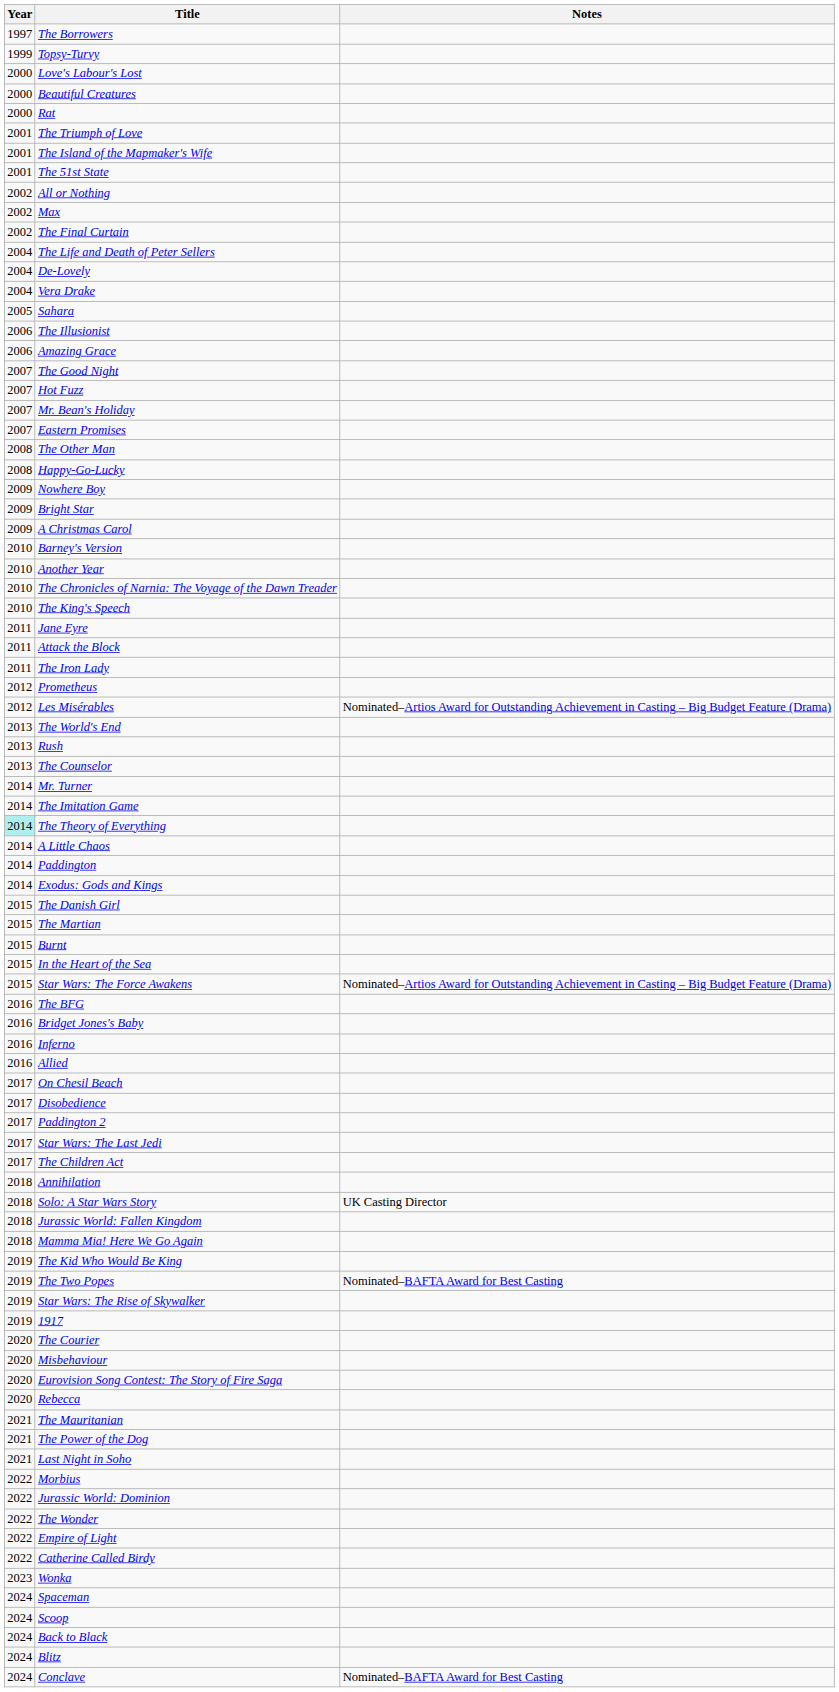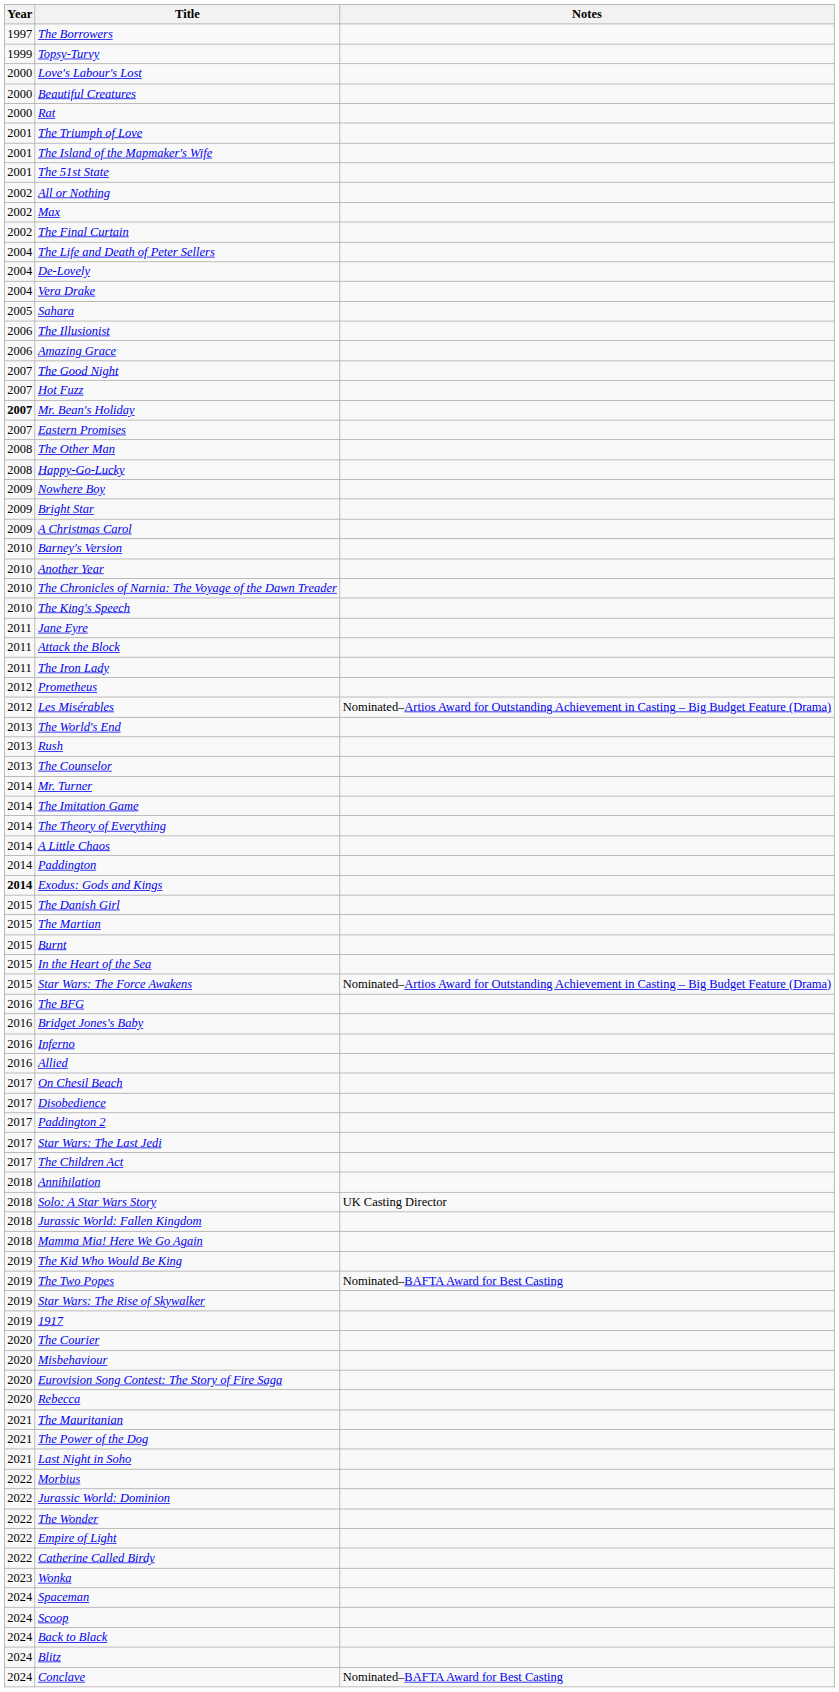 <table class="wikitable">
 <tr>
 <th>Year</th>
 <th>Title</th>
 <th>Notes</th>
 </tr>
 <tr>
 <td>1997</td>
 <td><em><a href='#'>The Borrowers</a></em></td>
 <td></td>
 </tr>
 <tr>
 <td>1999</td>
 <td><em><a href='#'>Topsy-Turvy</a></em></td>
 <td></td>
 </tr>
 <tr>
 <td>2000</td>
 <td><em><a href='#'>Love's Labour's Lost</a></em></td>
 <td></td>
 </tr>
 <tr>
 <td>2000</td>
 <td><em><a href='#'>Beautiful Creatures</a></em></td>
 <td></td>
 </tr>
 <tr>
 <td>2000</td>
 <td><em><a href='#'>Rat</a></em></td>
 <td></td>
 </tr>
 <tr>
 <td>2001</td>
 <td><em><a href='#'>The Triumph of Love</a></em></td>
 <td></td>
 </tr>
 <tr>
 <td>2001</td>
 <td><em><a href='#'>The Island of the Mapmaker's Wife</a></em></td>
 <td></td>
 </tr>
 <tr>
 <td>2001</td>
 <td><em><a href='#'>The 51st State</a></em></td>
 <td></td>
 </tr>
 <tr>
 <td>2002</td>
 <td><em><a href='#'>All or Nothing</a></em></td>
 <td></td>
 </tr>
 <tr>
 <td>2002</td>
 <td><em><a href='#'>Max</a></em></td>
 <td></td>
 </tr>
 <tr>
 <td>2002</td>
 <td><em><a href='#'>The Final Curtain</a></em></td>
 <td></td>
 </tr>
 <tr>
 <td>2004</td>
 <td><em><a href='#'>The Life and Death of Peter Sellers</a></em></td>
 <td></td>
 </tr>
 <tr>
 <td>2004</td>
 <td><em><a href='#'>De-Lovely</a></em></td>
 <td></td>
 </tr>
 <tr>
 <td>2004</td>
 <td><em><a href='#'>Vera Drake</a></em></td>
 <td></td>
 </tr>
 <tr>
 <td>2005</td>
 <td><em><a href='#'>Sahara</a></em></td>
 <td></td>
 </tr>
 <tr>
 <td>2006</td>
 <td><em><a href='#'>The Illusionist</a></em></td>
 <td></td>
 </tr>
 <tr>
 <td>2006</td>
 <td><em><a href='#'>Amazing Grace</a></em></td>
 <td></td>
 </tr>
 <tr>
 <td>2007</td>
 <td><em><a href='#'>The Good Night</a></em></td>
 <td></td>
 </tr>
 <tr>
 <td>2007</td>
 <td><em><a href='#'>Hot Fuzz</a></em></td>
 <td></td>
 </tr>
 <tr>
-<td>2007</td>
+<td><strong>2007</strong></td>
 <td><em><a href='#'>Mr. Bean's Holiday</a></em></td>
 <td></td>
 </tr>
 <tr>
 <td>2007</td>
 <td><em><a href='#'>Eastern Promises</a></em></td>
 <td></td>
 </tr>
 <tr>
 <td>2008</td>
 <td><em><a href='#'>The Other Man</a></em></td>
 <td></td>
 </tr>
 <tr>
 <td>2008</td>
 <td><em><a href='#'>Happy-Go-Lucky</a></em></td>
 <td></td>
 </tr>
 <tr>
 <td>2009</td>
 <td><em><a href='#'>Nowhere Boy</a></em></td>
 <td></td>
 </tr>
 <tr>
 <td>2009</td>
 <td><em><a href='#'>Bright Star</a></em></td>
 <td></td>
 </tr>
 <tr>
 <td>2009</td>
 <td><em><a href='#'>A Christmas Carol</a></em></td>
 <td></td>
 </tr>
 <tr>
 <td>2010</td>
 <td><em><a href='#'>Barney's Version</a></em></td>
 <td></td>
 </tr>
 <tr>
 <td>2010</td>
 <td><em><a href='#'>Another Year</a></em></td>
 <td></td>
 </tr>
 <tr>
 <td>2010</td>
 <td><em><a href='#'>The Chronicles of Narnia: The Voyage of the Dawn Treader</a></em></td>
 <td></td>
 </tr>
 <tr>
 <td>2010</td>
 <td><em><a href='#'>The King's Speech</a></em></td>
 <td></td>
 </tr>
 <tr>
 <td>2011</td>
 <td><em><a href='#'>Jane Eyre</a></em></td>
 <td></td>
 </tr>
 <tr>
 <td>2011</td>
 <td><em><a href='#'>Attack the Block</a></em></td>
 <td></td>
 </tr>
 <tr>
 <td>2011</td>
 <td><em><a href='#'>The Iron Lady</a></em></td>
 <td></td>
 </tr>
 <tr>
 <td>2012</td>
 <td><em><a href='#'>Prometheus</a></em></td>
 <td></td>
 </tr>
 <tr>
 <td>2012</td>
 <td><em><a href='#'>Les Misérables</a></em></td>
 <td>Nominated–<a href='#'>Artios Award for Outstanding Achievement in Casting – Big Budget Feature (Drama)</a></td>
 </tr>
 <tr>
 <td>2013</td>
 <td><em><a href='#'>The World's End</a></em></td>
 <td></td>
 </tr>
 <tr>
 <td>2013</td>
 <td><em><a href='#'>Rush</a></em></td>
 <td></td>
 </tr>
 <tr>
 <td>2013</td>
 <td><em><a href='#'>The Counselor</a></em></td>
 <td></td>
 </tr>
 <tr>
 <td>2014</td>
 <td><em><a href='#'>Mr. Turner</a></em></td>
 <td></td>
 </tr>
 <tr>
 <td>2014</td>
 <td><em><a href='#'>The Imitation Game</a></em></td>
 <td></td>
 </tr>
 <tr>
-<td style="background: paleturquoise;">2014</td>
+<td>2014</td>
 <td><em><a href='#'>The Theory of Everything</a></em></td>
 <td></td>
 </tr>
 <tr>
 <td>2014</td>
 <td><em><a href='#'>A Little Chaos</a></em></td>
 <td></td>
 </tr>
 <tr>
 <td>2014</td>
 <td><em><a href='#'>Paddington</a></em></td>
 <td></td>
 </tr>
 <tr>
-<td>2014</td>
+<td><strong>2014</strong></td>
 <td><em><a href='#'>Exodus: Gods and Kings</a></em></td>
 <td></td>
 </tr>
 <tr>
 <td>2015</td>
 <td><em><a href='#'>The Danish Girl</a></em></td>
 <td></td>
 </tr>
 <tr>
 <td>2015</td>
 <td><em><a href='#'>The Martian</a></em></td>
 <td></td>
 </tr>
 <tr>
 <td>2015</td>
 <td><em><a href='#'>Burnt</a></em></td>
 <td></td>
 </tr>
 <tr>
 <td>2015</td>
 <td><em><a href='#'>In the Heart of the Sea</a></em></td>
 <td></td>
 </tr>
 <tr>
 <td>2015</td>
 <td><em><a href='#'>Star Wars: The Force Awakens</a></em></td>
 <td>Nominated–<a href='#'>Artios Award for Outstanding Achievement in Casting – Big Budget Feature (Drama)</a></td>
 </tr>
 <tr>
 <td>2016</td>
 <td><em><a href='#'>The BFG</a></em></td>
 <td></td>
 </tr>
 <tr>
 <td>2016</td>
 <td><em><a href='#'>Bridget Jones's Baby</a></em></td>
 <td></td>
 </tr>
 <tr>
 <td>2016</td>
 <td><em><a href='#'>Inferno</a></em></td>
 <td></td>
 </tr>
 <tr>
 <td>2016</td>
 <td><em><a href='#'>Allied</a></em></td>
 <td></td>
 </tr>
 <tr>
 <td>2017</td>
 <td><em><a href='#'>On Chesil Beach</a></em></td>
 <td></td>
 </tr>
 <tr>
 <td>2017</td>
 <td><em><a href='#'>Disobedience</a></em></td>
 <td></td>
 </tr>
 <tr>
 <td>2017</td>
 <td><em><a href='#'>Paddington 2</a></em></td>
 <td></td>
 </tr>
 <tr>
 <td>2017</td>
 <td><em><a href='#'>Star Wars: The Last Jedi</a></em></td>
 <td></td>
 </tr>
 <tr>
 <td>2017</td>
 <td><em><a href='#'>The Children Act</a></em></td>
 <td></td>
 </tr>
 <tr>
 <td>2018</td>
 <td><em><a href='#'>Annihilation</a></em></td>
 <td></td>
 </tr>
 <tr>
 <td>2018</td>
 <td><em><a href='#'>Solo: A Star Wars Story</a></em></td>
 <td>UK Casting Director</td>
 </tr>
 <tr>
 <td>2018</td>
 <td><em><a href='#'>Jurassic World: Fallen Kingdom</a></em></td>
 <td></td>
 </tr>
 <tr>
 <td>2018</td>
 <td><em><a href='#'>Mamma Mia! Here We Go Again</a></em></td>
 <td></td>
 </tr>
 <tr>
 <td>2019</td>
 <td><em><a href='#'>The Kid Who Would Be King</a></em></td>
 <td></td>
 </tr>
 <tr>
 <td>2019</td>
 <td><em><a href='#'>The Two Popes</a></em></td>
 <td>Nominated–<a href='#'>BAFTA Award for Best Casting</a></td>
 </tr>
 <tr>
 <td>2019</td>
 <td><em><a href='#'>Star Wars: The Rise of Skywalker</a></em></td>
 <td></td>
 </tr>
 <tr>
 <td>2019</td>
 <td><em><a href='#'>1917</a></em></td>
 <td></td>
 </tr>
 <tr>
 <td>2020</td>
 <td><em><a href='#'>The Courier</a></em></td>
 <td></td>
 </tr>
 <tr>
 <td>2020</td>
 <td><em><a href='#'>Misbehaviour</a></em></td>
 <td></td>
 </tr>
 <tr>
 <td>2020</td>
 <td><em><a href='#'>Eurovision Song Contest: The Story of Fire Saga</a></em></td>
 <td></td>
 </tr>
 <tr>
 <td>2020</td>
 <td><em><a href='#'>Rebecca</a></em></td>
 <td></td>
 </tr>
 <tr>
 <td>2021</td>
 <td><em><a href='#'>The Mauritanian</a></em></td>
 <td></td>
 </tr>
 <tr>
 <td>2021</td>
 <td><em><a href='#'>The Power of the Dog</a></em></td>
 <td></td>
 </tr>
 <tr>
 <td>2021</td>
 <td><em><a href='#'>Last Night in Soho</a></em></td>
 <td></td>
 </tr>
 <tr>
 <td>2022</td>
 <td><em><a href='#'>Morbius</a></em></td>
 <td></td>
 </tr>
 <tr>
 <td>2022</td>
 <td><em><a href='#'>Jurassic World: Dominion</a></em></td>
 <td></td>
 </tr>
 <tr>
 <td>2022</td>
 <td><em><a href='#'>The Wonder</a></em></td>
 <td></td>
 </tr>
 <tr>
 <td>2022</td>
 <td><em><a href='#'>Empire of Light</a></em></td>
 <td></td>
 </tr>
 <tr>
 <td>2022</td>
 <td><em><a href='#'>Catherine Called Birdy</a></em></td>
 <td></td>
 </tr>
 <tr>
 <td>2023</td>
 <td><em><a href='#'>Wonka</a></em></td>
 <td></td>
 </tr>
 <tr>
 <td>2024</td>
 <td><em><a href='#'>Spaceman</a></em></td>
 <td></td>
 </tr>
 <tr>
 <td>2024</td>
 <td><em><a href='#'>Scoop</a></em></td>
 <td></td>
 </tr>
 <tr>
 <td>2024</td>
 <td><em><a href='#'>Back to Black</a></em></td>
 <td></td>
 </tr>
 <tr>
 <td>2024</td>
 <td><em><a href='#'>Blitz</a></em></td>
 <td></td>
 </tr>
 <tr>
 <td>2024</td>
 <td><em><a href='#'>Conclave</a></em></td>
 <td>Nominated–<a href='#'>BAFTA Award for Best Casting</a></td>
 </tr>
 </table>
